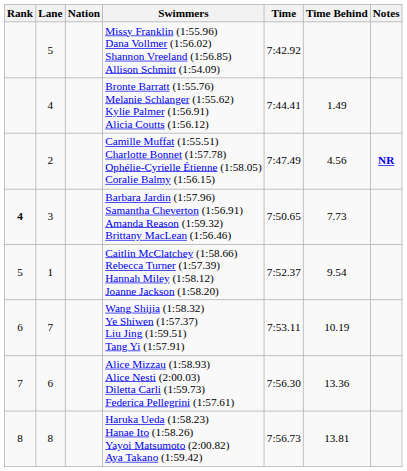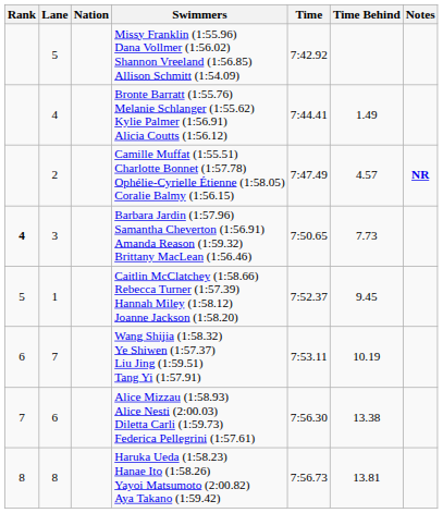 <table class="wikitable sortable" style="text-align:center">
 <tr>
 <th>Rank</th>
 <th>Lane</th>
 <th>Nation</th>
 <th>Swimmers</th>
 <th>Time</th>
 <th>Time Behind</th>
 <th>Notes</th>
 </tr>
 <tr>
 <td></td>
 <td>5</td>
 <td align=left></td>
 <td align=left><a href='#'>Missy Franklin</a> (1:55.96) <br> <a href='#'>Dana Vollmer</a> (1:56.02) <br> <a href='#'>Shannon Vreeland</a> (1:56.85) <br> <a href='#'>Allison Schmitt</a> (1:54.09)</td>
 <td>7:42.92</td>
 <td></td>
 <td></td>
 </tr>
 <tr>
 <td></td>
 <td>4</td>
 <td align=left></td>
 <td align=left><a href='#'>Bronte Barratt</a> (1:55.76) <br> <a href='#'>Melanie Schlanger</a> (1:55.62) <br> <a href='#'>Kylie Palmer</a> (1:56.91) <br> <a href='#'>Alicia Coutts</a> (1:56.12)</td>
 <td>7:44.41</td>
 <td>1.49</td>
 <td></td>
 </tr>
 <tr>
 <td></td>
 <td>2</td>
 <td align=left></td>
 <td align=left><a href='#'>Camille Muffat</a> (1:55.51)<br> <a href='#'>Charlotte Bonnet</a> (1:57.78)<br> <a href='#'>Ophélie-Cyrielle Étienne</a> (1:58.05)<br> <a href='#'>Coralie Balmy</a> (1:56.15)</td>
 <td>7:47.49</td>
-<td>4.56</td>
+<td>4.57</td>
 <td><strong><a href='#'>NR</a></strong></td>
 </tr>
 <tr>
 <td><strong>4</strong></td>
 <td>3</td>
 <td align=left></td>
 <td align=left><a href='#'>Barbara Jardin</a> (1:57.96)<br> <a href='#'>Samantha Cheverton</a> (1:56.91)<br> <a href='#'>Amanda Reason</a> (1:59.32)<br> <a href='#'>Brittany MacLean</a> (1:56.46)</td>
 <td>7:50.65</td>
 <td>7.73</td>
 <td></td>
 </tr>
 <tr>
 <td>5</td>
 <td>1</td>
 <td align=left></td>
 <td align=left><a href='#'>Caitlin McClatchey</a> (1:58.66)<br> <a href='#'>Rebecca Turner</a> (1:57.39)<br> <a href='#'>Hannah Miley</a> (1:58.12)<br> <a href='#'>Joanne Jackson</a> (1:58.20)</td>
 <td>7:52.37</td>
-<td>9.54</td>
+<td>9.45</td>
 <td></td>
 </tr>
 <tr>
 <td>6</td>
 <td>7</td>
 <td align=left></td>
 <td align=left><a href='#'>Wang Shijia</a> (1:58.32)<br> <a href='#'>Ye Shiwen</a> (1:57.37)<br> <a href='#'>Liu Jing</a> (1:59.51)<br> <a href='#'>Tang Yi</a> (1:57.91)</td>
 <td>7:53.11</td>
 <td>10.19</td>
 <td></td>
 </tr>
 <tr>
 <td>7</td>
 <td>6</td>
 <td align=left></td>
 <td align=left><a href='#'>Alice Mizzau</a> (1:58.93)<br> <a href='#'>Alice Nesti</a> (2:00.03)<br> <a href='#'>Diletta Carli</a> (1:59.73)<br> <a href='#'>Federica Pellegrini</a> (1:57.61)</td>
 <td>7:56.30</td>
-<td>13.36</td>
+<td>13.38</td>
 <td></td>
 </tr>
 <tr>
 <td>8</td>
 <td>8</td>
 <td align=left></td>
 <td align=left><a href='#'>Haruka Ueda</a> (1:58.23)<br> <a href='#'>Hanae Ito</a> (1:58.26)<br> <a href='#'>Yayoi Matsumoto</a> (2:00.82)<br> <a href='#'>Aya Takano</a> (1:59.42)</td>
 <td>7:56.73</td>
 <td>13.81</td>
 <td></td>
 </tr>
 </table>
